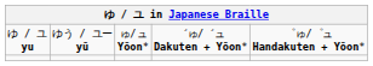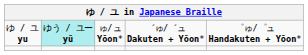 <table class="wikitable nowrap" style="text-align:center">
 <tr>
 <th colspan=5>ゆ / ユ in <a href='#'>Japanese Braille</a></th>
 </tr>
 <tr>
 <td>ゆ / ユ <br><strong>yu</strong></td>
-<td>ゆう / ユー <br><strong>yū</strong></td>
+<td style="background: paleturquoise;">ゆう / ユー <br><strong>yū</strong></td>
 <td>ゅ/ュ<br><strong>Yōon</strong>*</td>
 <td>゛ゅ/゛ュ<br><strong>Dakuten + Yōon</strong>*</td>
 <td>゜ゅ/゜ュ<br><strong>Handakuten + Yōon</strong>*</td>
 </tr>
 <tr>
 <td></td>
 <td></td>
 <td></td>
 <td></td>
 <td></td>
 </tr>
 </table>
